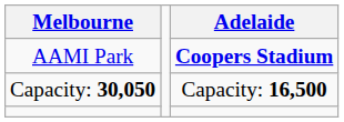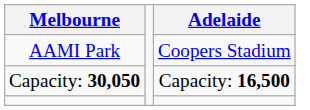 <table class="wikitable" style="text-align:center">
 <tr>
 <th><a href='#'>Melbourne</a></th>
 <td rowspan="6"></td>
 <th><a href='#'>Adelaide</a></th>
 </tr>
 <tr>
 <td><a href='#'>AAMI Park</a></td>
-<td><strong><a href='#'>Coopers Stadium</a></strong></td>
+<td><a href='#'>Coopers Stadium</a></td>
 </tr>
 <tr>
 <td>Capacity: <strong>30,050</strong></td>
 <td>Capacity: <strong>16,500</strong></td>
 </tr>
 <tr>
 <td></td>
 <td></td>
 </tr>
 </table>
